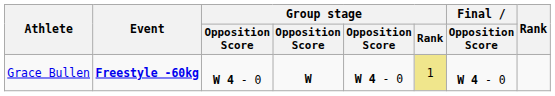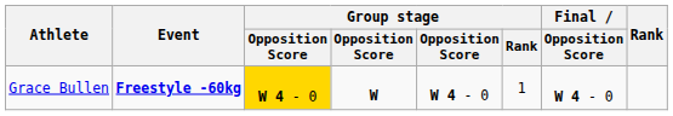 <table class="wikitable" style="font-size:90%">
 <tr>
 <th rowspan=2>Athlete</th>
 <th rowspan=2>Event</th>
 <th colspan=4>Group stage</th>
 <th>Final / </th>
 <th rowspan=2>Rank</th>
 </tr>
 <tr style="font-size:95%">
 <th>Opposition<br>Score</th>
 <th>Opposition<br>Score</th>
 <th>Opposition<br>Score</th>
 <th>Rank</th>
 <th>Opposition<br>Score</th>
 </tr>
 <tr align=center>
 <td align=left><a href='#'>Grace Bullen</a></td>
 <td align=left><strong><a href='#'>Freestyle -60kg</a></strong></td>
-<td><br><strong>W</strong> <strong>4</strong> - 0 <sup></sup></td>
+<td style="background: gold;"><br><strong>W</strong> <strong>4</strong> - 0 <sup></sup></td>
 <td><br><strong>W</strong></td>
 <td><br><strong>W</strong> <strong>4</strong> - 0</td>
-<td style="background: khaki;">1 </td>
+<td>1 </td>
 <td><br><strong>W</strong> <strong>4</strong> - 0 <sup></sup></td>
 <td></td>
 </tr>
 </table>
